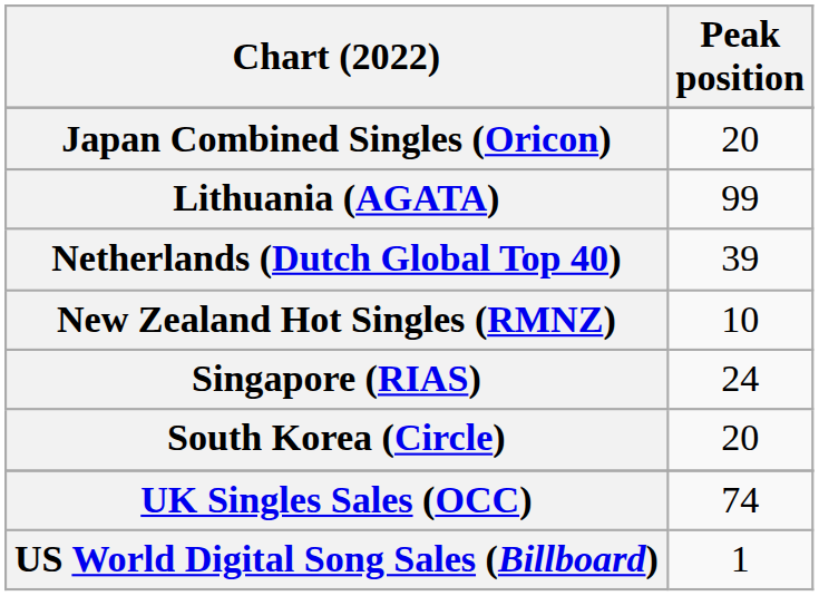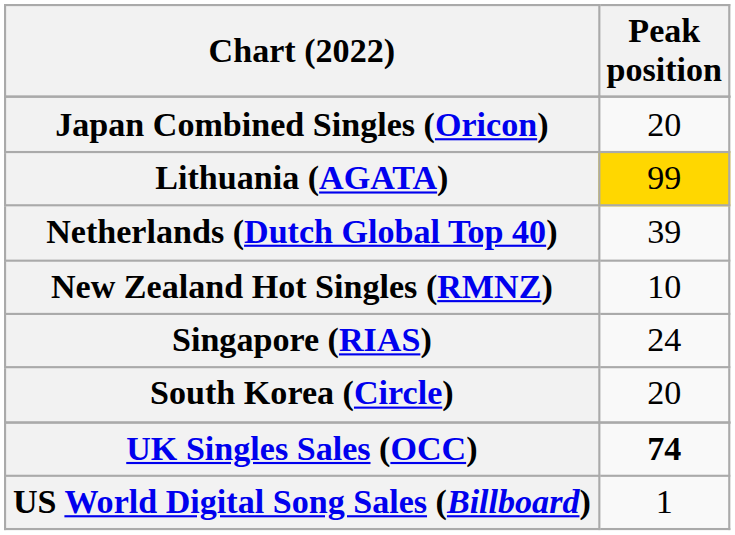 <table class="wikitable sortable plainrowheaders" style="text-align:center">
 <tr>
 <th scope="col">Chart (2022)</th>
 <th scope="col">Peak<br>position</th>
 </tr>
 <tr>
 </tr>
 <tr>
 </tr>
 <tr>
 </tr>
 <tr>
 <th scope="row">Japan Combined Singles (<a href='#'>Oricon</a>)</th>
 <td>20</td>
 </tr>
 <tr>
 <th scope="row">Lithuania (<a href='#'>AGATA</a>)</th>
-<td>99</td>
+<td style="background: gold;">99</td>
 </tr>
 <tr>
 <th scope="row">Netherlands (<a href='#'>Dutch Global Top 40</a>)</th>
 <td>39</td>
 </tr>
 <tr>
 <th scope="row">New Zealand Hot Singles (<a href='#'>RMNZ</a>)</th>
 <td>10</td>
 </tr>
 <tr>
 <th scope="row">Singapore (<a href='#'>RIAS</a>)</th>
 <td>24</td>
 </tr>
 <tr>
 <th scope="row">South Korea (<a href='#'>Circle</a>)</th>
 <td>20</td>
 </tr>
 <tr>
 </tr>
 <tr>
 </tr>
 <tr>
 <th scope="row"><a href='#'>UK Singles Sales</a> (<a href='#'>OCC</a>)</th>
-<td>74</td>
+<td><strong>74</strong></td>
 </tr>
 <tr>
 <th scope="row">US <a href='#'>World Digital Song Sales</a> (<em><a href='#'>Billboard</a></em>)</th>
 <td>1</td>
 </tr>
 </table>
